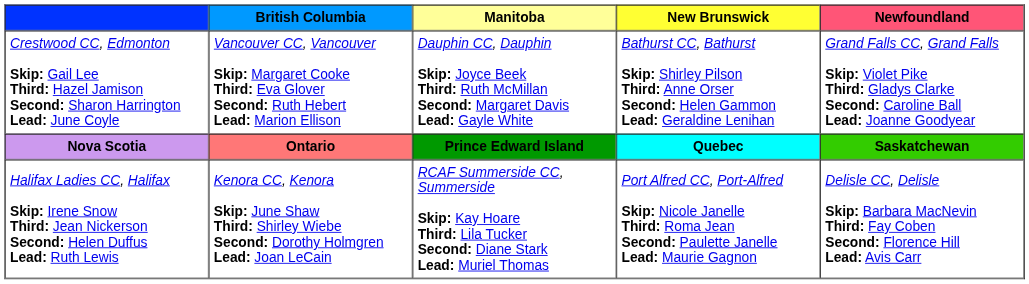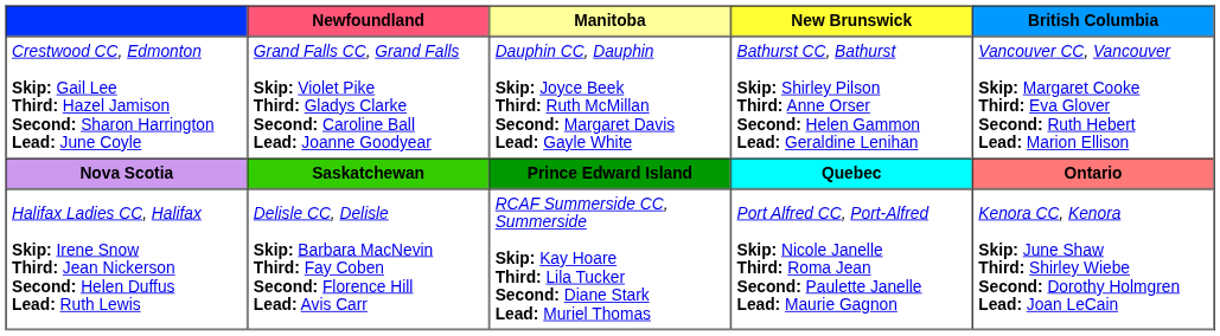 <table border=1 cellpadding=5 cellspacing=0>
 <tr>
 <th bgcolor="#0033ff" width="225"></th>
-<th bgcolor="#0099ff" width="225">British Columbia</th>
+<th bgcolor="#ff5577" width="225">Newfoundland</th>
 <th bgcolor="#ffff99" width="225">Manitoba</th>
 <th bgcolor="#ffff33" width="225">New Brunswick</th>
-<th bgcolor="#ff5577" width="225">Newfoundland</th>
+<th bgcolor="#0099ff" width="225">British Columbia</th>
 </tr>
 <tr>
 <td><em><a href='#'>Crestwood CC</a>, <a href='#'>Edmonton</a></em> <br><br><strong>Skip:</strong> <a href='#'>Gail Lee</a> <br> <strong>Third:</strong> <a href='#'>Hazel Jamison</a> <br> <strong>Second:</strong> <a href='#'>Sharon Harrington</a> <br> <strong>Lead:</strong> <a href='#'>June Coyle</a></td>
-<td><em><a href='#'>Vancouver CC</a>, <a href='#'>Vancouver</a></em> <br><br><strong>Skip:</strong>  <a href='#'>Margaret Cooke</a> <br> <strong>Third:</strong>  <a href='#'>Eva Glover</a> <br> <strong>Second:</strong>  <a href='#'>Ruth Hebert</a> <br> <strong>Lead:</strong> <a href='#'>Marion Ellison</a></td>
+<td><em><a href='#'>Grand Falls CC</a>, <a href='#'>Grand Falls</a></em> <br><br><strong>Skip:</strong> <a href='#'>Violet Pike</a> <br> <strong>Third:</strong> <a href='#'>Gladys Clarke</a> <br> <strong>Second:</strong> <a href='#'>Caroline Ball</a> <br> <strong>Lead:</strong> <a href='#'>Joanne Goodyear</a></td>
 <td><em><a href='#'>Dauphin CC</a>, <a href='#'>Dauphin</a></em> <br><br><strong>Skip:</strong> <a href='#'>Joyce Beek</a> <br> <strong>Third:</strong> <a href='#'>Ruth McMillan</a> <br> <strong>Second:</strong> <a href='#'>Margaret Davis</a> <br> <strong>Lead:</strong> <a href='#'>Gayle White</a></td>
 <td><em><a href='#'>Bathurst CC</a>, <a href='#'>Bathurst</a></em> <br><br><strong>Skip:</strong> <a href='#'>Shirley Pilson</a> <br> <strong>Third:</strong> <a href='#'>Anne Orser</a> <br> <strong>Second:</strong> <a href='#'>Helen Gammon</a> <br> <strong>Lead:</strong> <a href='#'>Geraldine Lenihan</a></td>
-<td><em><a href='#'>Grand Falls CC</a>, <a href='#'>Grand Falls</a></em> <br><br><strong>Skip:</strong> <a href='#'>Violet Pike</a> <br> <strong>Third:</strong> <a href='#'>Gladys Clarke</a> <br> <strong>Second:</strong> <a href='#'>Caroline Ball</a> <br> <strong>Lead:</strong> <a href='#'>Joanne Goodyear</a></td>
+<td><em><a href='#'>Vancouver CC</a>, <a href='#'>Vancouver</a></em> <br><br><strong>Skip:</strong>  <a href='#'>Margaret Cooke</a> <br> <strong>Third:</strong>  <a href='#'>Eva Glover</a> <br> <strong>Second:</strong>  <a href='#'>Ruth Hebert</a> <br> <strong>Lead:</strong> <a href='#'>Marion Ellison</a></td>
 </tr>
 <tr border=1 cellpadding=5 cellspacing=0>
 <th bgcolor="#cc99ee" width="200">Nova Scotia</th>
-<th bgcolor="#ff7777" width="200">Ontario</th>
+<th bgcolor="#33cc00" width="200">Saskatchewan</th>
 <th bgcolor="#009900" width="200">Prince Edward Island</th>
 <th bgcolor="#00ffff" width="200">Quebec</th>
-<th bgcolor="#33cc00" width="200">Saskatchewan</th>
+<th bgcolor="#ff7777" width="200">Ontario</th>
 </tr>
 <tr>
 <td><em><a href='#'>Halifax Ladies CC</a>, <a href='#'>Halifax</a></em> <br><br><strong>Skip:</strong> <a href='#'>Irene Snow</a> <br> <strong>Third:</strong> <a href='#'>Jean Nickerson</a> <br> <strong>Second:</strong> <a href='#'>Helen Duffus</a> <br> <strong>Lead:</strong> <a href='#'>Ruth Lewis</a></td>
-<td><em><a href='#'>Kenora CC</a>, <a href='#'>Kenora</a></em> <br><br><strong>Skip:</strong> <a href='#'>June Shaw</a> <br> <strong>Third:</strong> <a href='#'>Shirley Wiebe</a> <br> <strong>Second:</strong> <a href='#'>Dorothy Holmgren</a> <br> <strong>Lead:</strong> <a href='#'>Joan LeCain</a></td>
+<td><em><a href='#'>Delisle CC</a>, <a href='#'>Delisle</a></em> <br><br><strong>Skip:</strong> <a href='#'>Barbara MacNevin</a> <br> <strong>Third:</strong> <a href='#'>Fay Coben</a><br> <strong>Second:</strong> <a href='#'>Florence Hill</a><br> <strong>Lead:</strong> <a href='#'>Avis Carr</a></td>
 <td><em><a href='#'>RCAF Summerside CC</a>, <a href='#'>Summerside</a></em> <br><br><strong>Skip:</strong> <a href='#'>Kay Hoare</a><br> <strong>Third:</strong> <a href='#'>Lila Tucker</a><br> <strong>Second:</strong> <a href='#'>Diane Stark</a><br> <strong>Lead:</strong> <a href='#'>Muriel Thomas</a></td>
 <td><em><a href='#'>Port Alfred CC</a>, <a href='#'>Port-Alfred</a></em> <br><br><strong>Skip:</strong> <a href='#'>Nicole Janelle</a> <br> <strong>Third:</strong> <a href='#'>Roma Jean</a> <br> <strong>Second:</strong> <a href='#'>Paulette Janelle</a> <br> <strong>Lead:</strong> <a href='#'>Maurie Gagnon</a></td>
-<td><em><a href='#'>Delisle CC</a>, <a href='#'>Delisle</a></em> <br><br><strong>Skip:</strong> <a href='#'>Barbara MacNevin</a> <br> <strong>Third:</strong> <a href='#'>Fay Coben</a><br> <strong>Second:</strong> <a href='#'>Florence Hill</a><br> <strong>Lead:</strong> <a href='#'>Avis Carr</a></td>
+<td><em><a href='#'>Kenora CC</a>, <a href='#'>Kenora</a></em> <br><br><strong>Skip:</strong> <a href='#'>June Shaw</a> <br> <strong>Third:</strong> <a href='#'>Shirley Wiebe</a> <br> <strong>Second:</strong> <a href='#'>Dorothy Holmgren</a> <br> <strong>Lead:</strong> <a href='#'>Joan LeCain</a></td>
 </tr>
 </table>
